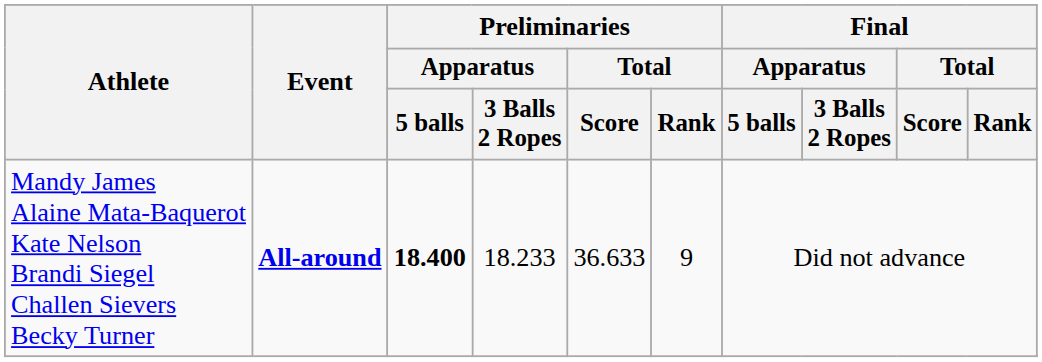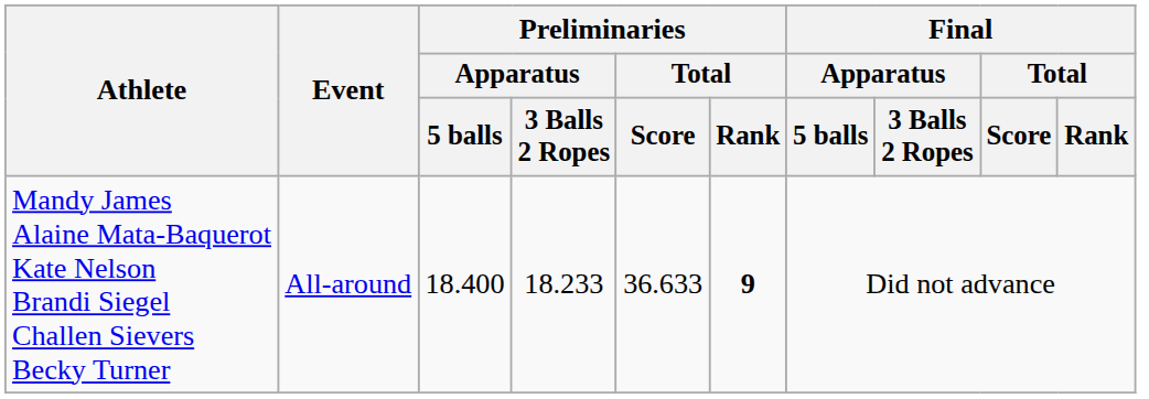 <table class=wikitable style=font-size:90%;text-align:center>
 <tr>
 <th rowspan=3>Athlete</th>
 <th rowspan=3>Event</th>
 <th colspan=4>Preliminaries</th>
 <th colspan=4>Final</th>
 </tr>
 <tr style=font-size:95%>
 <th colspan=2>Apparatus</th>
 <th colspan=2>Total</th>
 <th colspan=2>Apparatus</th>
 <th colspan=2>Total</th>
 </tr>
 <tr style=font-size:95%>
 <th>5 balls</th>
 <th>3 Balls<br>2 Ropes</th>
 <th>Score</th>
 <th>Rank</th>
 <th>5 balls</th>
 <th>3 Balls<br>2 Ropes</th>
 <th>Score</th>
 <th>Rank</th>
 </tr>
 <tr>
 <td align=left><a href='#'>Mandy James</a><br><a href='#'>Alaine Mata-Baquerot</a><br><a href='#'>Kate Nelson</a><br><a href='#'>Brandi Siegel</a><br><a href='#'>Challen Sievers</a><br><a href='#'>Becky Turner</a></td>
-<td align=left><strong><a href='#'>All-around</a></strong></td>
-<td><strong>18.400</strong></td>
+<td align=left><a href='#'>All-around</a></td>
+<td>18.400</td>
 <td>18.233</td>
 <td>36.633</td>
-<td>9</td>
+<td><strong>9</strong></td>
 <td colspan=4>Did not advance</td>
 </tr>
 </table>
